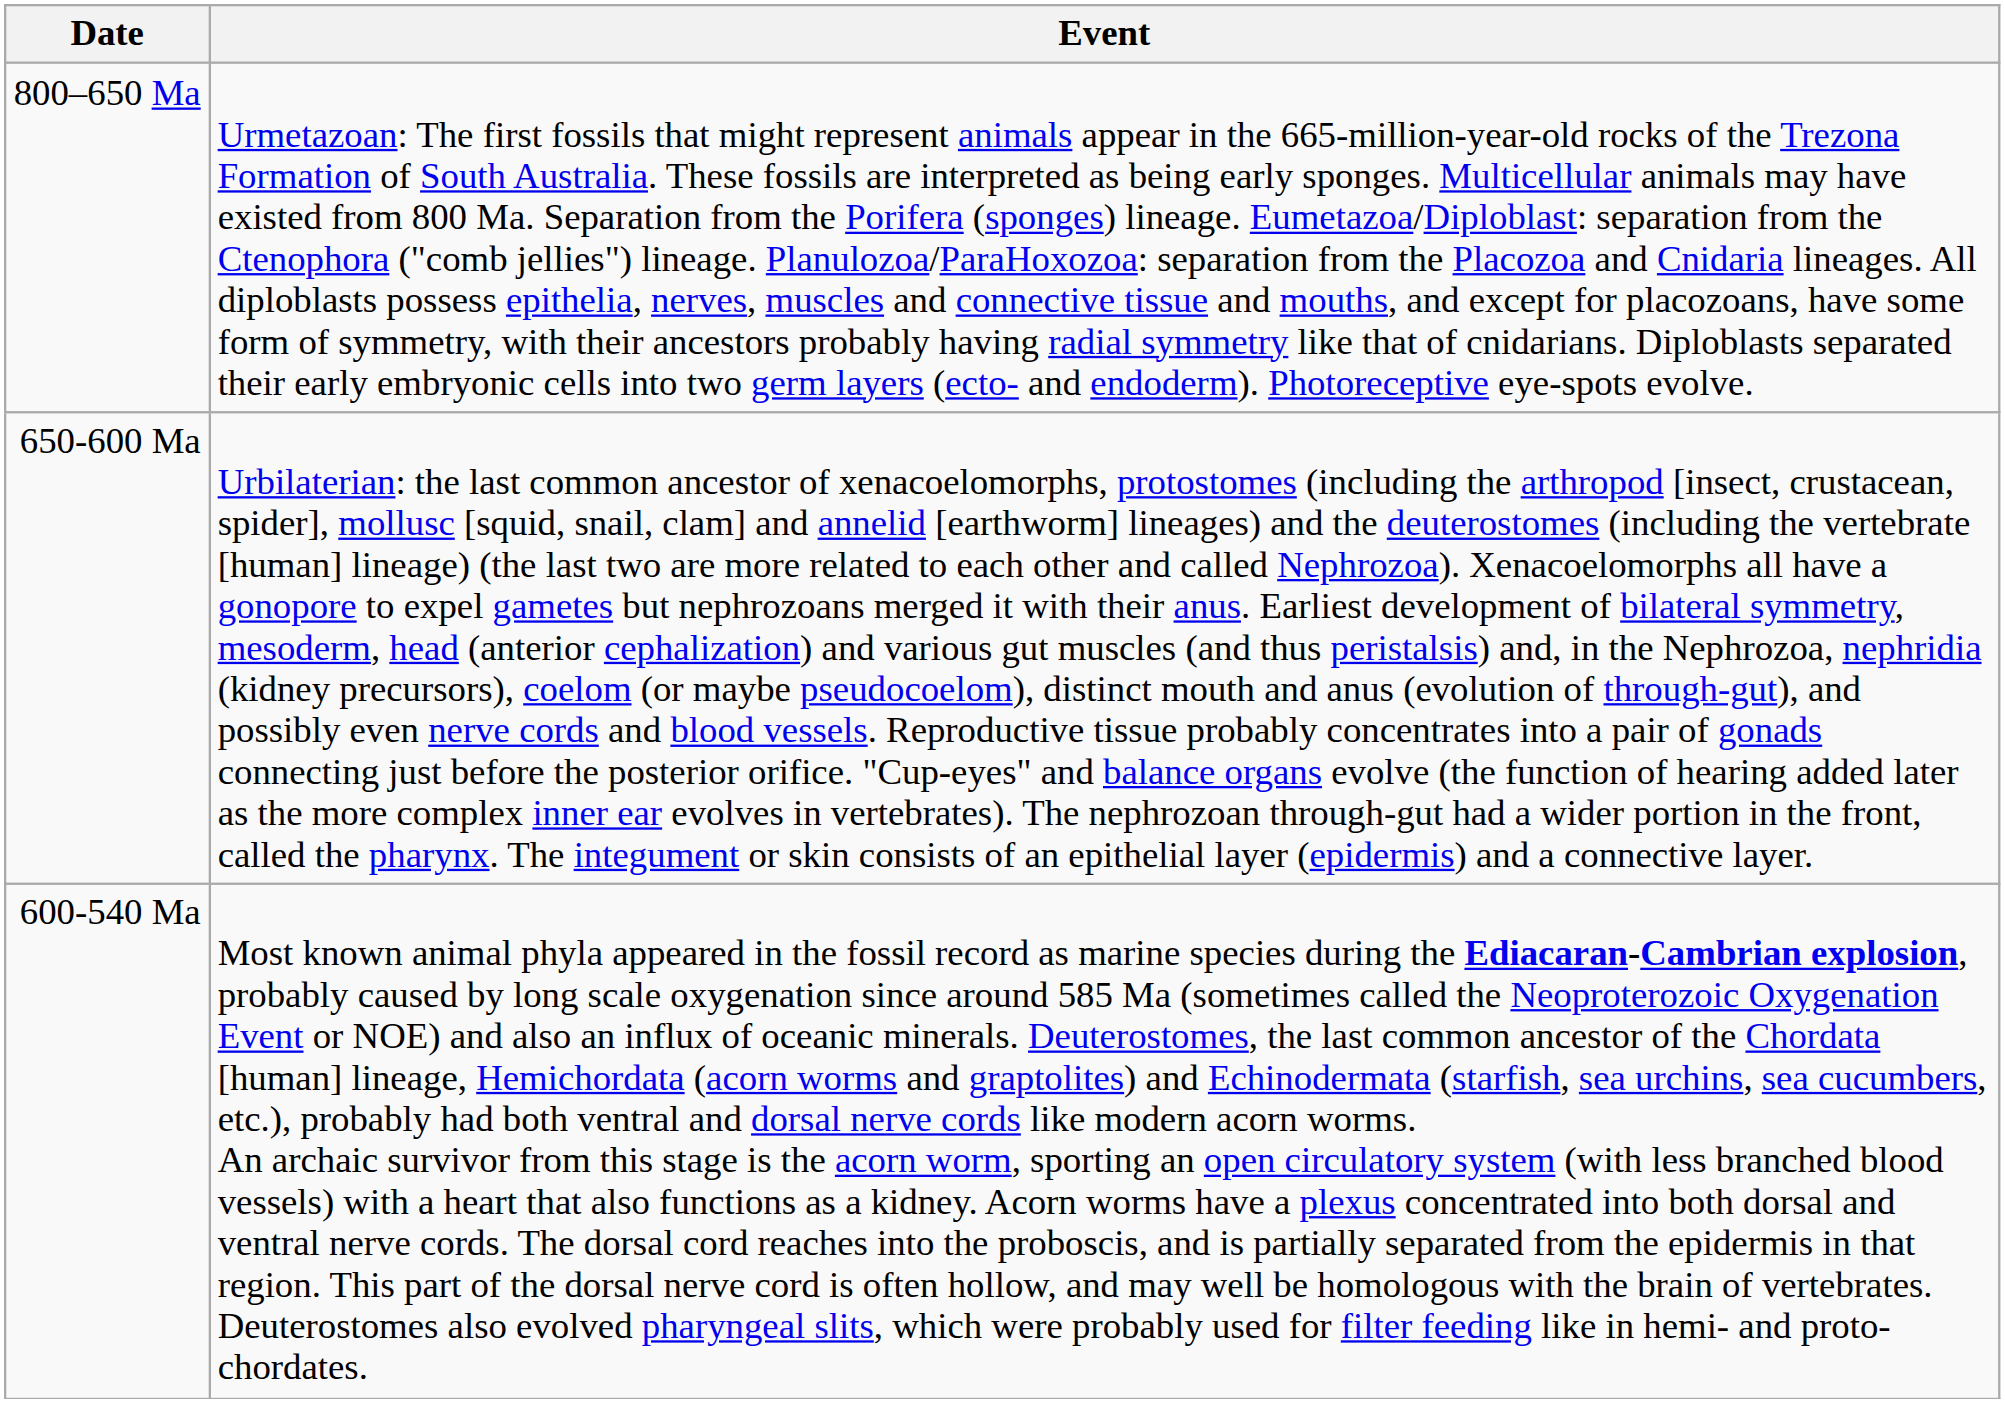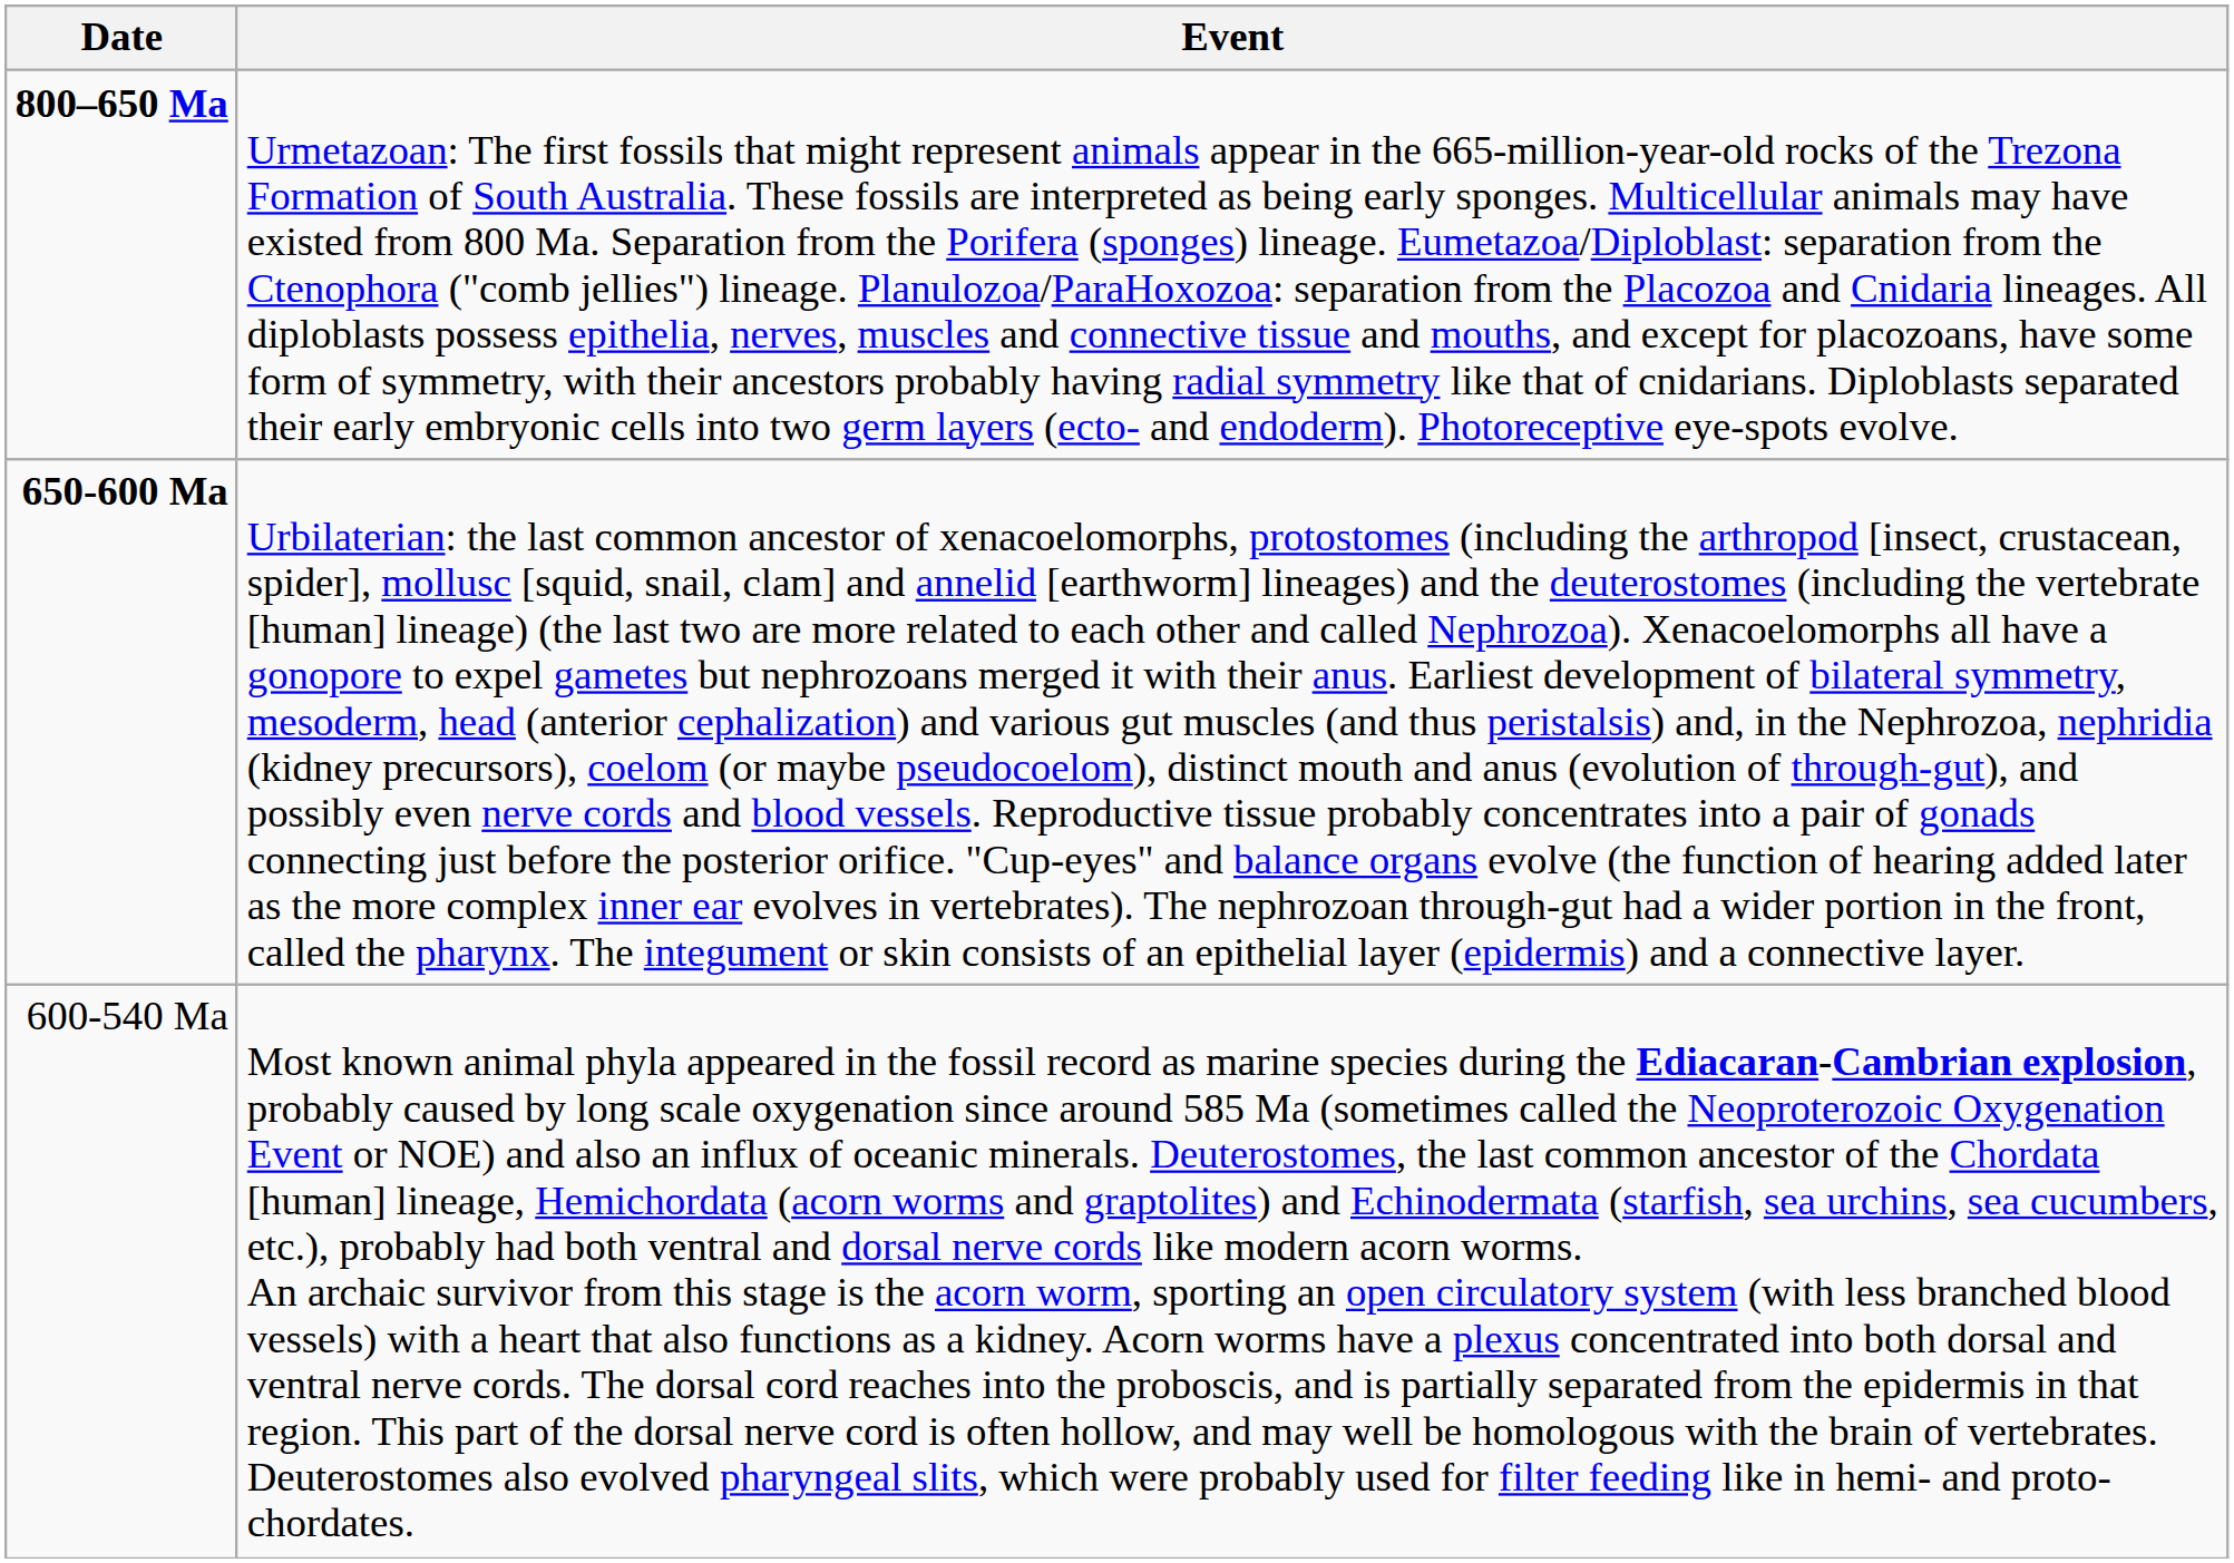 <table class="wikitable">
 <tr>
 <th scope="col">Date</th>
 <th scope="col">Event</th>
 </tr>
 <tr>
-<td style="vertical-align: top; text-align: right; white-space: nowrap;">800–650 <a href='#'>Ma</a></td>
+<td style="vertical-align: top; text-align: right; white-space: nowrap;"><strong>800–650 <a href='#'>Ma</a></strong></td>
 <td><br><a href='#'>Urmetazoan</a>: The first fossils that might represent <a href='#'>animals</a> appear in the 665-million-year-old rocks of the <a href='#'>Trezona Formation</a> of <a href='#'>South Australia</a>. These fossils are interpreted as being early sponges. <a href='#'>Multicellular</a> animals may have existed from 800 Ma. Separation from the <a href='#'>Porifera</a> (<a href='#'>sponges</a>) lineage. <a href='#'>Eumetazoa</a>/<a href='#'>Diploblast</a>: separation from the <a href='#'>Ctenophora</a> ("comb jellies") lineage. <a href='#'>Planulozoa</a>/<a href='#'>ParaHoxozoa</a>: separation from the <a href='#'>Placozoa</a> and <a href='#'>Cnidaria</a>  lineages. All diploblasts possess <a href='#'>epithelia</a>, <a href='#'>nerves</a>, <a href='#'>muscles</a> and <a href='#'>connective tissue</a> and <a href='#'>mouths</a>, and except for placozoans, have some form of symmetry, with their ancestors probably having <a href='#'>radial symmetry</a> like that of cnidarians. Diploblasts separated their early embryonic cells into two <a href='#'>germ layers</a> (<a href='#'>ecto-</a> and <a href='#'>endoderm</a>). <a href='#'>Photoreceptive</a> eye-spots evolve.</td>
 </tr>
 <tr>
-<td style="vertical-align: top; text-align: right; white-space: nowrap;">650-600 Ma</td>
+<td style="vertical-align: top; text-align: right; white-space: nowrap;"><strong>650-600 Ma</strong></td>
 <td><br><a href='#'>Urbilaterian</a>: the last common ancestor of xenacoelomorphs, <a href='#'>protostomes</a> (including the <a href='#'>arthropod</a> [insect, crustacean, spider], <a href='#'>mollusc</a> [squid, snail, clam] and <a href='#'>annelid</a> [earthworm] lineages) and the <a href='#'>deuterostomes</a> (including the vertebrate [human] lineage) (the last two are more related to each other and called <a href='#'>Nephrozoa</a>). Xenacoelomorphs all have a <a href='#'>gonopore</a> to expel <a href='#'>gametes</a> but nephrozoans merged it with their <a href='#'>anus</a>. Earliest development of <a href='#'>bilateral symmetry</a>, <a href='#'>mesoderm</a>, <a href='#'>head</a> (anterior <a href='#'>cephalization</a>) and various gut muscles (and thus <a href='#'>peristalsis</a>) and, in the Nephrozoa, <a href='#'>nephridia</a> (kidney precursors), <a href='#'>coelom</a> (or maybe <a href='#'>pseudocoelom</a>), distinct mouth and anus (evolution of <a href='#'>through-gut</a>), and possibly even <a href='#'>nerve cords</a> and <a href='#'>blood vessels</a>. Reproductive tissue probably concentrates into a pair of <a href='#'>gonads</a> connecting just before the posterior orifice. "Cup-eyes" and <a href='#'>balance organs</a> evolve (the function of hearing added later as the more complex <a href='#'>inner ear</a> evolves in vertebrates). The nephrozoan through-gut had a wider portion in the front, called the <a href='#'>pharynx</a>. The <a href='#'>integument</a> or skin consists of an epithelial layer (<a href='#'>epidermis</a>) and a connective layer.</td>
 </tr>
 <tr>
 <td style="vertical-align: top; text-align: right; white-space: nowrap;">600-540 Ma</td>
 <td><br>Most known animal phyla appeared in the fossil record as marine species during the <strong><a href='#'>Ediacaran</a>-<a href='#'>Cambrian explosion</a></strong>, probably caused by long scale oxygenation since around 585 Ma (sometimes called the <a href='#'>Neoproterozoic Oxygenation Event</a> or NOE) and also an influx of oceanic minerals. <a href='#'>Deuterostomes</a>, the last common ancestor of the <a href='#'>Chordata</a> [human] lineage, <a href='#'>Hemichordata</a> (<a href='#'>acorn worms</a> and <a href='#'>graptolites</a>) and <a href='#'>Echinodermata</a> (<a href='#'>starfish</a>, <a href='#'>sea urchins</a>, <a href='#'>sea cucumbers</a>, etc.), probably had both ventral and <a href='#'>dorsal nerve cords</a> like modern acorn worms.<br>An archaic survivor from this stage is the <a href='#'>acorn worm</a>, sporting an  <a href='#'>open circulatory system</a> (with less branched blood vessels) with a heart that also functions as a kidney. Acorn worms have a  <a href='#'>plexus</a> concentrated into both dorsal and ventral nerve cords. The dorsal cord reaches into the proboscis, and is partially separated from the epidermis in that region. This part of the dorsal nerve cord is often hollow, and may well be homologous with the brain of vertebrates. Deuterostomes also evolved <a href='#'>pharyngeal slits</a>, which were probably used for <a href='#'>filter feeding</a> like in hemi- and proto-chordates.</td>
 </tr>
 </table>
